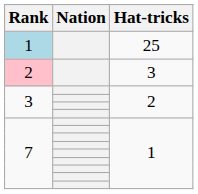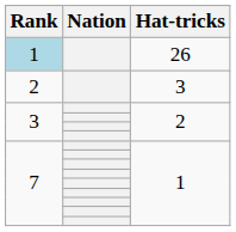 <table class="wikitable plainrowheaders" style="text-align:center">
 <tr>
 <th scope="col">Rank</th>
 <th scope="col">Nation</th>
 <th scope="col">Hat-tricks</th>
 </tr>
 <tr>
 <td rowspan=1 style="background: lightblue;">1</td>
 <th scope="row"></th>
-<td rowspan=1>25</td>
+<td rowspan=1>26</td>
 </tr>
 <tr>
-<td rowspan=1 style="background: pink;">2</td>
+<td rowspan=1>2</td>
 <th scope="row"></th>
 <td rowspan=1>3</td>
 </tr>
 <tr>
 <td rowspan=4>3</td>
 <th scope="row"></th>
 <td rowspan=4>2</td>
 </tr>
 <tr>
 <th scope="row"></th>
 </tr>
 <tr>
 <th scope="row"></th>
 </tr>
 <tr>
 <th scope="row"></th>
 </tr>
 <tr>
 <td rowspan="9">7</td>
 <th scope="row"></th>
 <td rowspan="9">1</td>
 </tr>
 <tr>
 <th scope="row"></th>
 </tr>
 <tr>
 <th scope="row"></th>
 </tr>
 <tr>
 <th scope="row"></th>
 </tr>
 <tr>
 <th scope="row"></th>
 </tr>
 <tr>
 <th scope="row"></th>
 </tr>
 <tr>
 <th scope="row"></th>
 </tr>
 <tr>
 <th scope="row"></th>
 </tr>
 <tr>
 <th scope="row"></th>
 </tr>
 </table>
